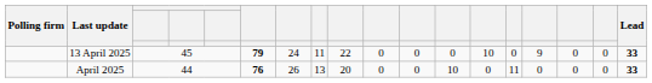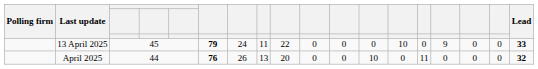 <table class="wikitable mw-collapsible sortable" style="text-align:center;font-size:90%;line-height:14px;">
 <tr>
 <th rowspan="3">Polling firm</th>
 <th rowspan="3">Last update</th>
 <th colspan="3" class="unsortable" style="width:40px;"></th>
 <th rowspan="2" class="unsortable" style="width:40px;"></th>
 <th rowspan="2" class="unsortable" style="width:40px;"></th>
 <th rowspan="2"></th>
 <th rowspan="2" class="unsortable" style="width:40px;"></th>
 <th rowspan="2" class="unsortable" style="width:40px;"></th>
 <th rowspan="2" class="unsortable" style="width:40px;"></th>
 <th rowspan="2" class="unsortable" style="width:40px;"></th>
 <th rowspan="2" class="unsortable" style="width:40px;"></th>
 <th rowspan="2"></th>
 <th rowspan="2" class="unsortable" style="width:40px;"></th>
 <th rowspan="2" class="unsortable" style="width:40px;"></th>
 <th rowspan="2" style="width:25px;"></th>
 <th rowspan="3">Lead</th>
 </tr>
 <tr style="height:40px;">
 <th class="unsortable" style="width:40px;"></th>
 <th class="unsortable" style="width:40px;"></th>
 <th class="unsortable" style="width:40px;"></th>
 </tr>
 <tr>
 <th class="unsortable" style="color:inherit;background:"></th>
 <th class="unsortable" style="color:inherit;background:"></th>
 <th class="unsortable" style="color:inherit;background:"></th>
 <th class="unsortable" style="color:inherit;background:"></th>
 <th class="unsortable" style="color:inherit;background:"></th>
 <th class="unsortable" style="color:inherit;background:"></th>
 <th class="unsortable" style="color:inherit;background:"></th>
 <th class="unsortable" style="color:inherit;background:"></th>
 <th class="unsortable" style="color:inherit;background:"></th>
 <th class="unsortable" style="color:inherit;background:"></th>
 <th class="unsortable" style="color:inherit;background:"></th>
 <th class="unsortable" style="color:inherit;background:"></th>
 <th class="unsortable" style="color:inherit;background:"></th>
 <th class="unsortable" style="color:inherit;background:"></th>
 <th class="unsortable" style="color:inherit;background:"></th>
 </tr>
 <tr>
 <td></td>
 <td>13 April 2025</td>
 <td colspan="3">45</td>
 <td><strong>79</strong></td>
 <td>24</td>
 <td>11</td>
 <td>22</td>
 <td>0</td>
 <td>0</td>
 <td>0</td>
 <td>10</td>
 <td>0</td>
 <td>9</td>
 <td>0</td>
 <td>0</td>
 <td style="background:"><strong>33</strong></td>
 </tr>
 <tr>
 <td></td>
 <td>April 2025</td>
 <td colspan="3">44</td>
 <td><strong>76</strong></td>
 <td>26</td>
 <td>13</td>
 <td>20</td>
 <td>0</td>
 <td>0</td>
 <td>10</td>
 <td>0</td>
 <td>11</td>
 <td>0</td>
 <td>0</td>
 <td>0</td>
-<td style="background:"><strong>33</strong></td>
+<td style="background:"><strong>32</strong></td>
 </tr>
 </table>
